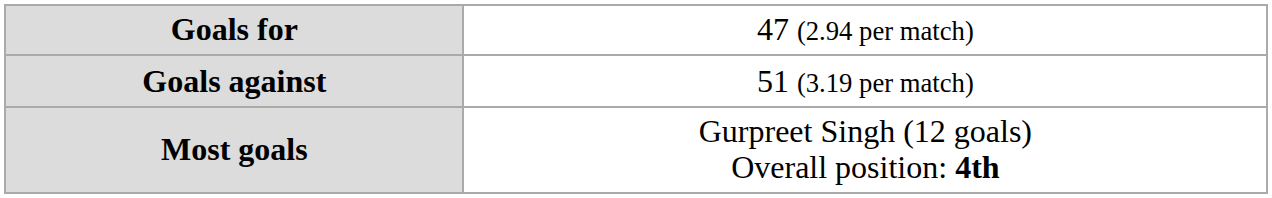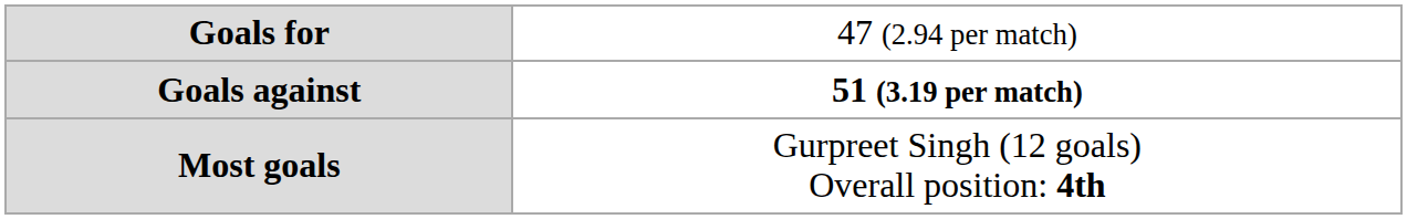 <table class="wikitable" style="width:50%;text-align:center">
 <tr>
 <td style="background:gainsboro;"><strong>Goals for</strong></td>
 <td style="background:white;">47 <small>(2.94 per match)</small></td>
 </tr>
 <tr>
 <td style="background:gainsboro;"><strong>Goals against</strong></td>
-<td style="background:white;">51 <small>(3.19 per match)</small></td>
+<td style="background:white;"><strong>51 <small>(3.19 per match)</small></strong></td>
 </tr>
 <tr>
 <td style="background:gainsboro;"><strong>Most goals</strong></td>
 <td style="background:white;"> Gurpreet Singh (12 goals) <br> Overall position: <strong>4th</strong></td>
 </tr>
 </table>
